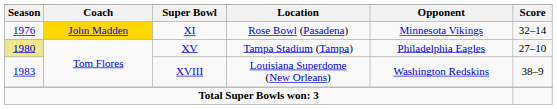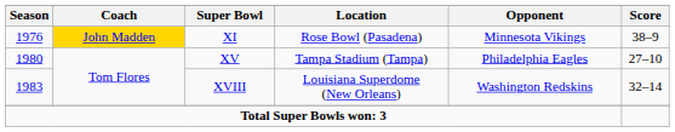 <table class="wikitable sortable" style="text-align:center">
 <tr>
 </tr>
 <tr>
 <th style="width:50px; ">Season</th>
 <th style="width:150px; ">Coach</th>
 <th style="width:100px; ">Super Bowl</th>
 <th style="width:200px; ">Location</th>
 <th style="width:200px; ">Opponent</th>
 <th style="width:50px; ">Score</th>
 </tr>
 <tr>
 <td><a href='#'>1976</a></td>
 <td style="background: gold;"><a href='#'>John Madden</a></td>
 <td><a href='#'>XI</a></td>
 <td><a href='#'>Rose Bowl</a> (<a href='#'>Pasadena</a>)</td>
 <td><a href='#'>Minnesota Vikings</a></td>
-<td>32–14</td>
+<td>38–9</td>
 </tr>
 <tr>
-<td style="background: khaki;"><a href='#'>1980</a></td>
+<td><a href='#'>1980</a></td>
 <td rowspan="2"><a href='#'>Tom Flores</a></td>
 <td><a href='#'>XV</a></td>
 <td><a href='#'>Tampa Stadium</a> (<a href='#'>Tampa</a>)</td>
 <td><a href='#'>Philadelphia Eagles</a></td>
 <td>27–10</td>
 </tr>
 <tr>
 <td><a href='#'>1983</a></td>
 <td><a href='#'>XVIII</a></td>
 <td><a href='#'>Louisiana Superdome</a><br>(<a href='#'>New Orleans</a>)</td>
 <td><a href='#'>Washington Redskins</a></td>
-<td>38–9</td>
+<td>32–14</td>
 </tr>
 <tr>
 </tr>
 <tr>
 <td colspan="5"><strong>Total Super Bowls won: 3</strong></td>
 <td></td>
 </tr>
 </table>
